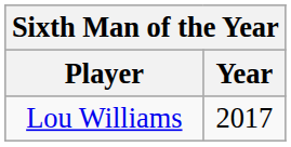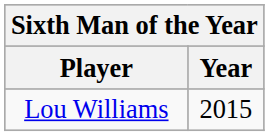 <table class="wikitable" style="text-align:center">
 <tr>
 <th colspan="2">Sixth Man of the Year</th>
 </tr>
 <tr>
 <th>Player</th>
 <th>Year</th>
 </tr>
 <tr>
 <td><a href='#'>Lou Williams</a></td>
-<td>2017</td>
+<td>2015</td>
 </tr>
 </table>
